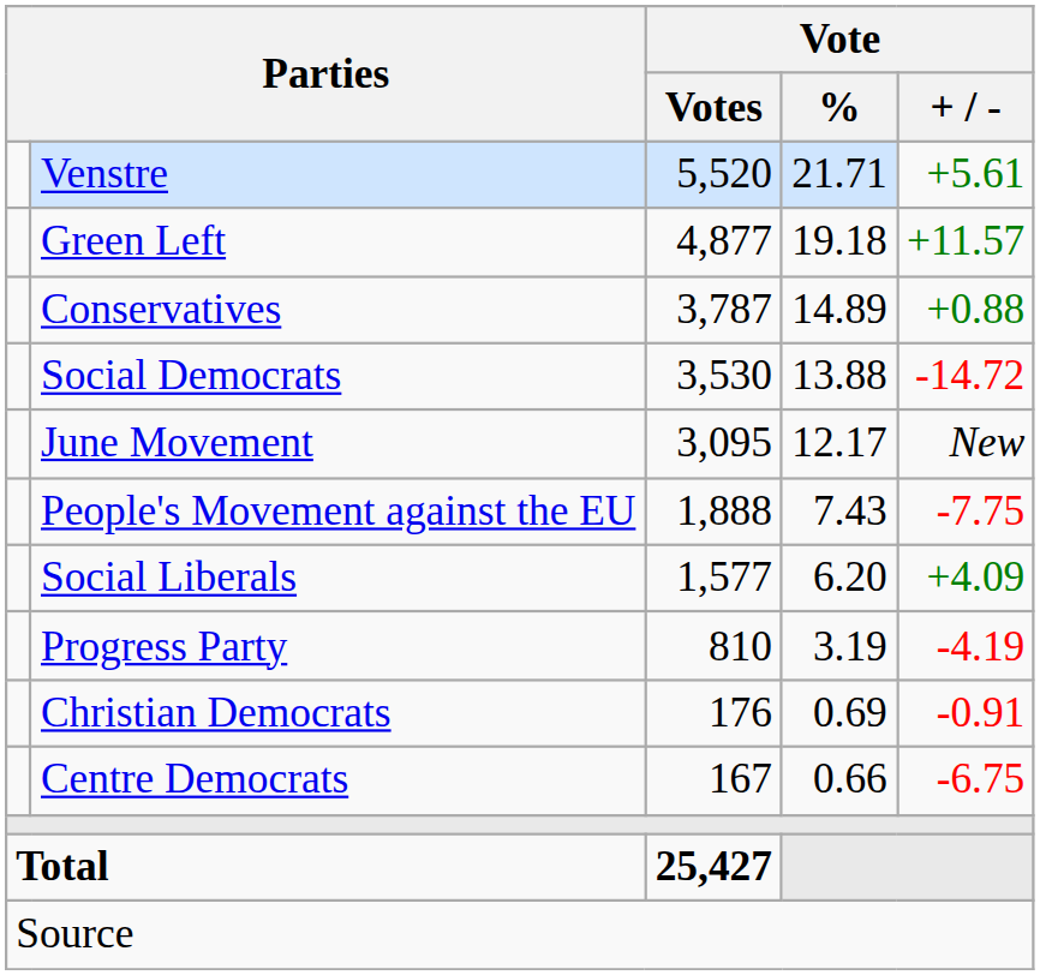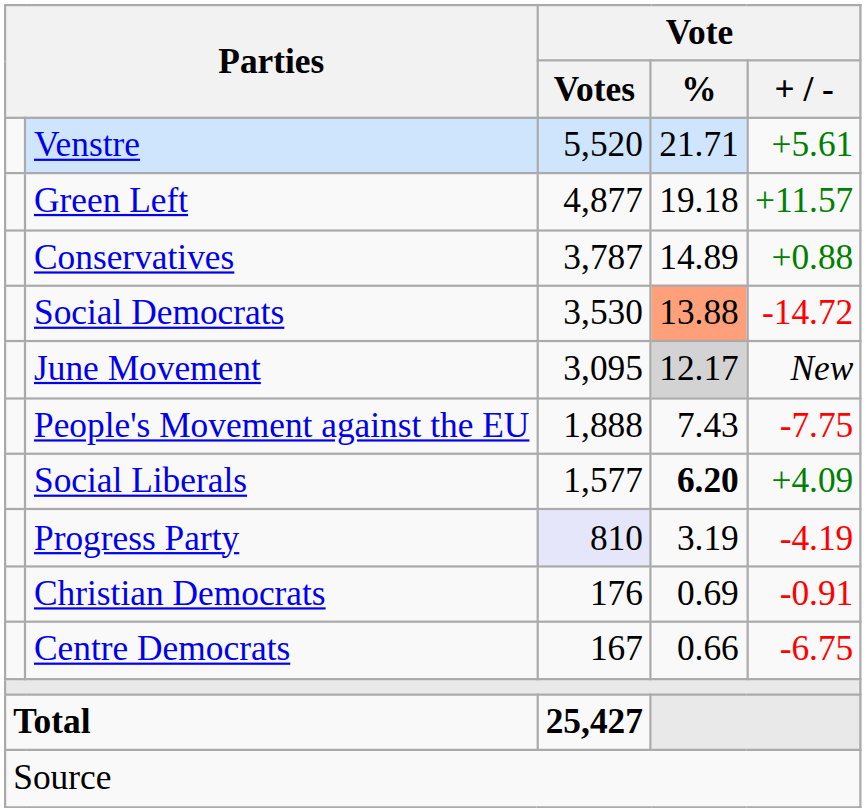 <table class="wikitable" style="text-align:right;">
 <tr>
 <th style="text-align:centre;" rowspan="2" colspan="2" width="225">Parties</th>
 <th colspan="3">Vote</th>
 </tr>
 <tr>
 <th width="15">Votes</th>
 <th width="15">%</th>
 <th width="15">+ / -</th>
 </tr>
 <tr>
 <td width="2" style="color:inherit;background:"></td>
 <td bgcolor=#cfe5fe   align="left"><a href='#'>Venstre</a></td>
 <td bgcolor=#cfe5fe>5,520</td>
 <td bgcolor=#cfe5fe>21.71</td>
 <td style=color:green;>+5.61</td>
 </tr>
 <tr>
 <td width="2" style="color:inherit;background:"></td>
 <td align="left"><a href='#'>Green Left</a></td>
 <td>4,877</td>
 <td>19.18</td>
 <td style=color:green;>+11.57</td>
 </tr>
 <tr>
 <td width="2" style="color:inherit;background:"></td>
 <td align="left"><a href='#'>Conservatives</a></td>
 <td>3,787</td>
 <td>14.89</td>
 <td style=color:green;>+0.88</td>
 </tr>
 <tr>
 <td width="2" style="color:inherit;background:"></td>
 <td align="left"><a href='#'>Social Democrats</a></td>
 <td>3,530</td>
-<td>13.88</td>
+<td style="background: lightsalmon;">13.88</td>
 <td style=color:red;>-14.72</td>
 </tr>
 <tr>
 <td width="2" style="color:inherit;background:"></td>
 <td align="left"><a href='#'>June Movement</a></td>
 <td>3,095</td>
-<td>12.17</td>
+<td style="background: lightgrey;">12.17</td>
 <td><em>New</em></td>
 </tr>
 <tr>
 <td width="2" style="color:inherit;background:"></td>
 <td align="left"><a href='#'>People's Movement against the EU</a></td>
 <td>1,888</td>
 <td>7.43</td>
 <td style=color:red;>-7.75</td>
 </tr>
 <tr>
 <td width="2" style="color:inherit;background:"></td>
 <td align="left"><a href='#'>Social Liberals</a></td>
 <td>1,577</td>
-<td>6.20</td>
+<td><strong>6.20</strong></td>
 <td style=color:green;>+4.09</td>
 </tr>
 <tr>
 <td width="2" style="color:inherit;background:"></td>
 <td align="left"><a href='#'>Progress Party</a></td>
-<td>810</td>
+<td style="background: lavender;">810</td>
 <td>3.19</td>
 <td style=color:red;>-4.19</td>
 </tr>
 <tr>
 <td width="2" style="color:inherit;background:"></td>
 <td align="left"><a href='#'>Christian Democrats</a></td>
 <td>176</td>
 <td>0.69</td>
 <td style=color:red;>-0.91</td>
 </tr>
 <tr>
 <td width="2" style="color:inherit;background:"></td>
 <td align="left"><a href='#'>Centre Democrats</a></td>
 <td>167</td>
 <td>0.66</td>
 <td style=color:red;>-6.75</td>
 </tr>
 <tr>
 <td colspan="7" bgcolor="#E9E9E9"></td>
 </tr>
 <tr>
 <td align="left" colspan="2"><strong>Total</strong></td>
 <td><strong>25,427</strong></td>
 <td bgcolor="#E9E9E9" colspan="2"></td>
 </tr>
 <tr>
 <td align="left" colspan="6">Source</td>
 </tr>
 </table>
